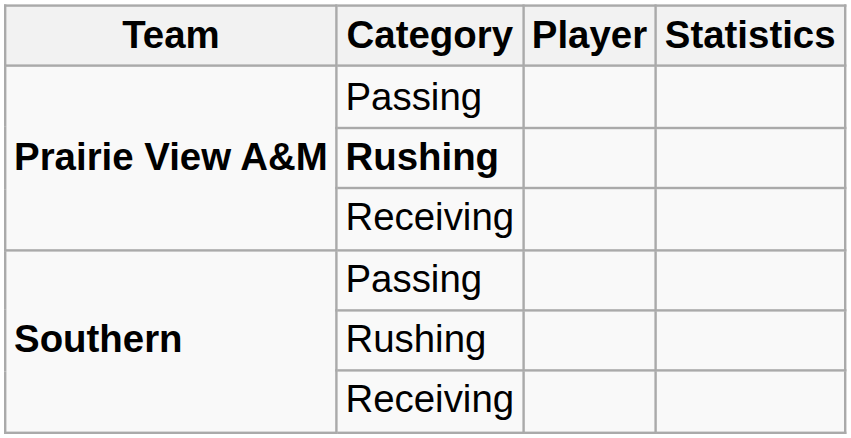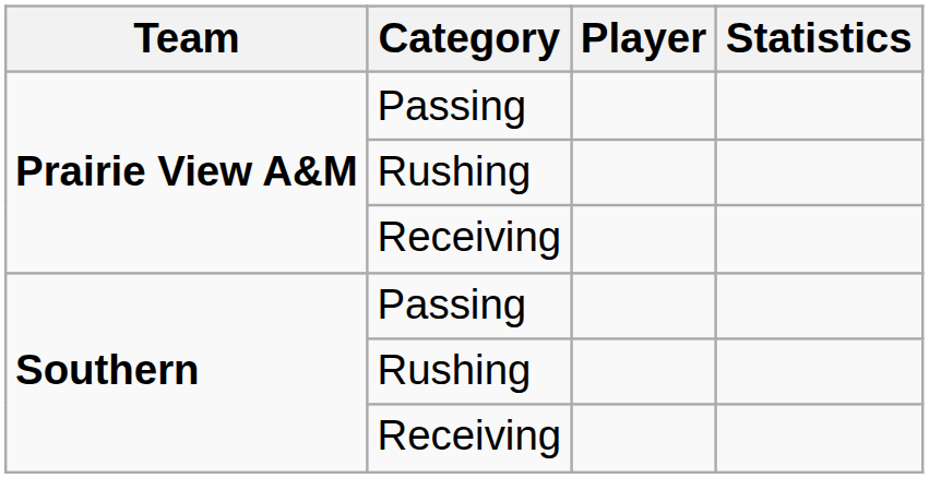 <table class="wikitable" style="float: left;">
 <tr>
 <th>Team</th>
 <th>Category</th>
 <th>Player</th>
 <th>Statistics</th>
 </tr>
 <tr>
 <td rowspan=3><strong>Prairie View A&M</strong></td>
 <td>Passing</td>
 <td> </td>
 <td> </td>
 </tr>
 <tr>
-<td><strong>Rushing</strong></td>
+<td>Rushing</td>
 <td> </td>
 <td> </td>
 </tr>
 <tr>
 <td>Receiving</td>
 <td> </td>
 <td> </td>
 </tr>
 <tr>
 <td rowspan=3><strong>Southern</strong></td>
 <td>Passing</td>
 <td> </td>
 <td> </td>
 </tr>
 <tr>
 <td>Rushing</td>
 <td> </td>
 <td> </td>
 </tr>
 <tr>
 <td>Receiving</td>
 <td> </td>
 <td> </td>
 </tr>
 </table>
